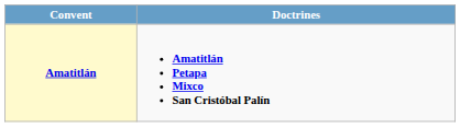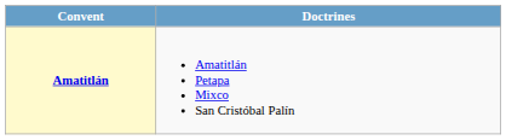 <table class="wikitable sortable" width=35% style='font-size:0.9em' align=center>
 <tr style="color:white;">
 <th style="background:#659ec7;" align=center>Convent</th>
 <th style="background:#659ec7;" align=center>Doctrines</th>
 </tr>
 <tr>
 <th style="background:lemonchiffon;"><a href='#'>Amatitlán</a></th>
-<td><strong><br><ul><li><a href='#'>Amatitlán</a></li><li><a href='#'>Petapa</a></li><li><a href='#'>Mixco</a></li><li>San Cristóbal Palín</li></ul></strong></td>
+<td><br><ul><li><a href='#'>Amatitlán</a></li><li><a href='#'>Petapa</a></li><li><a href='#'>Mixco</a></li><li>San Cristóbal Palín</li></ul></td>
 </tr>
 </table>
